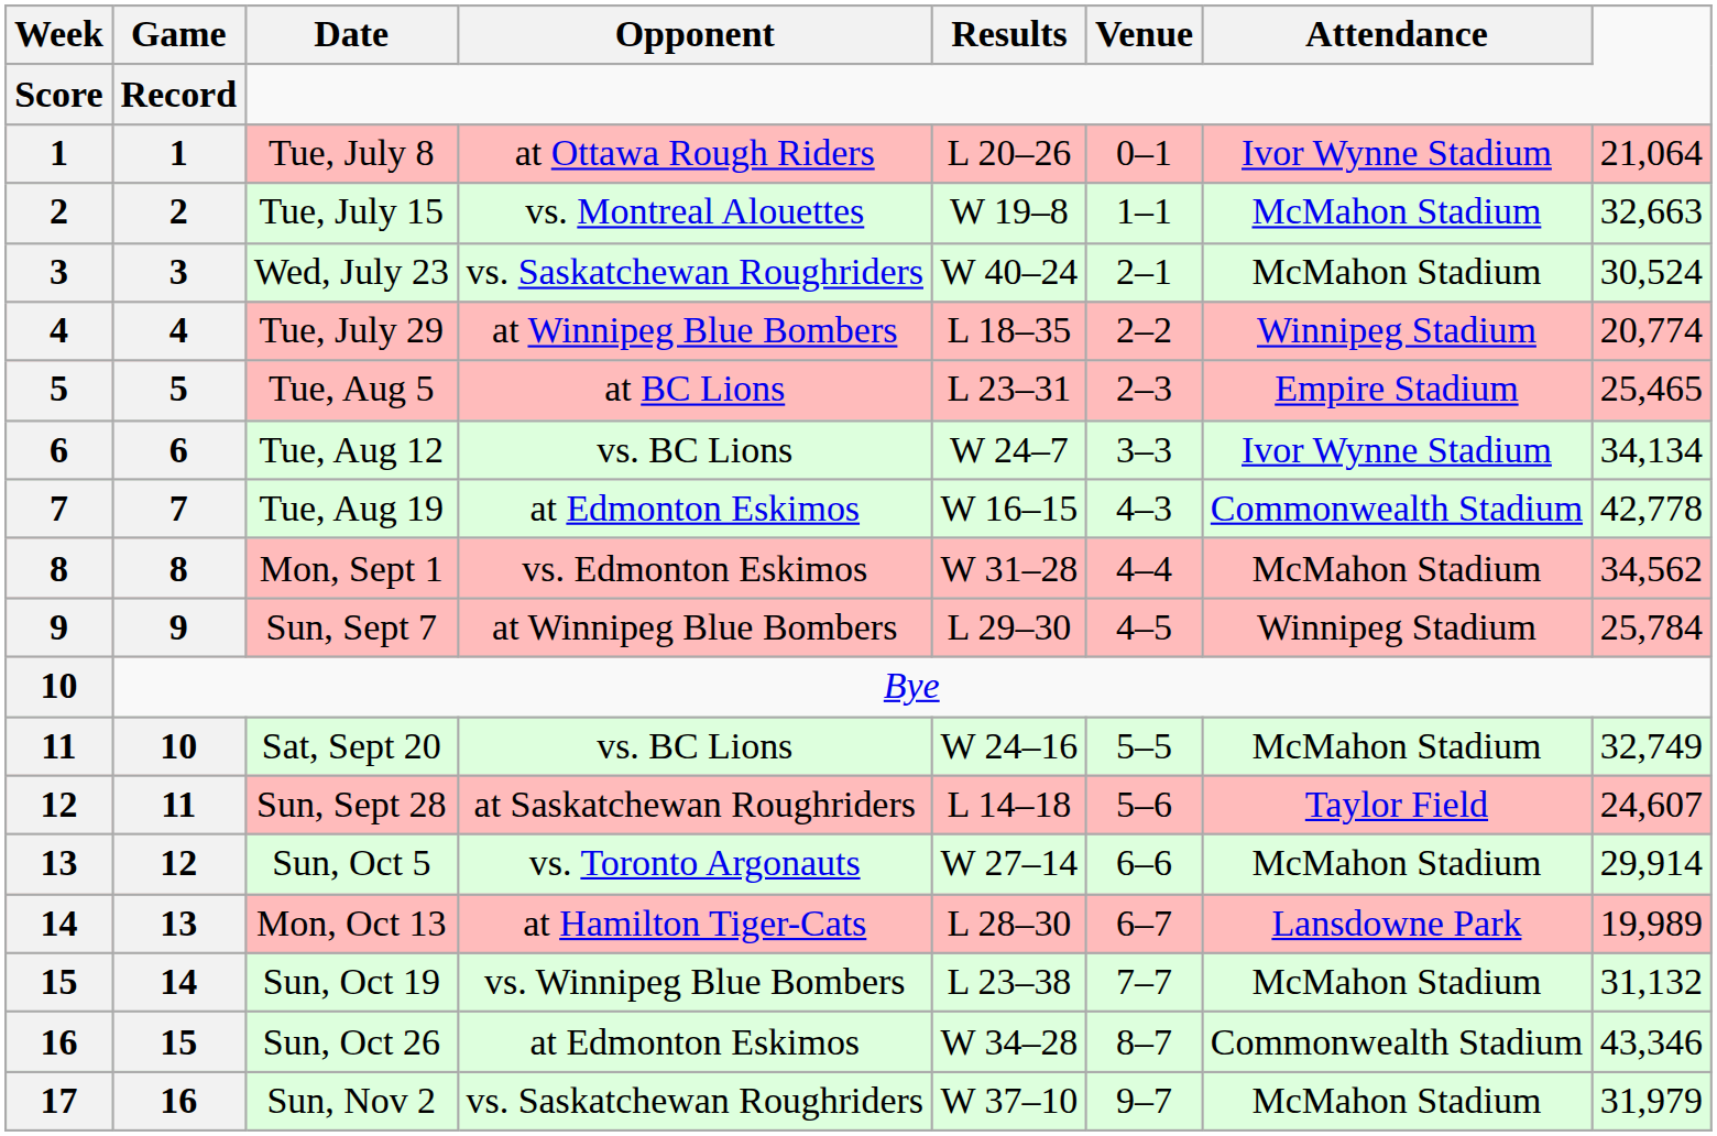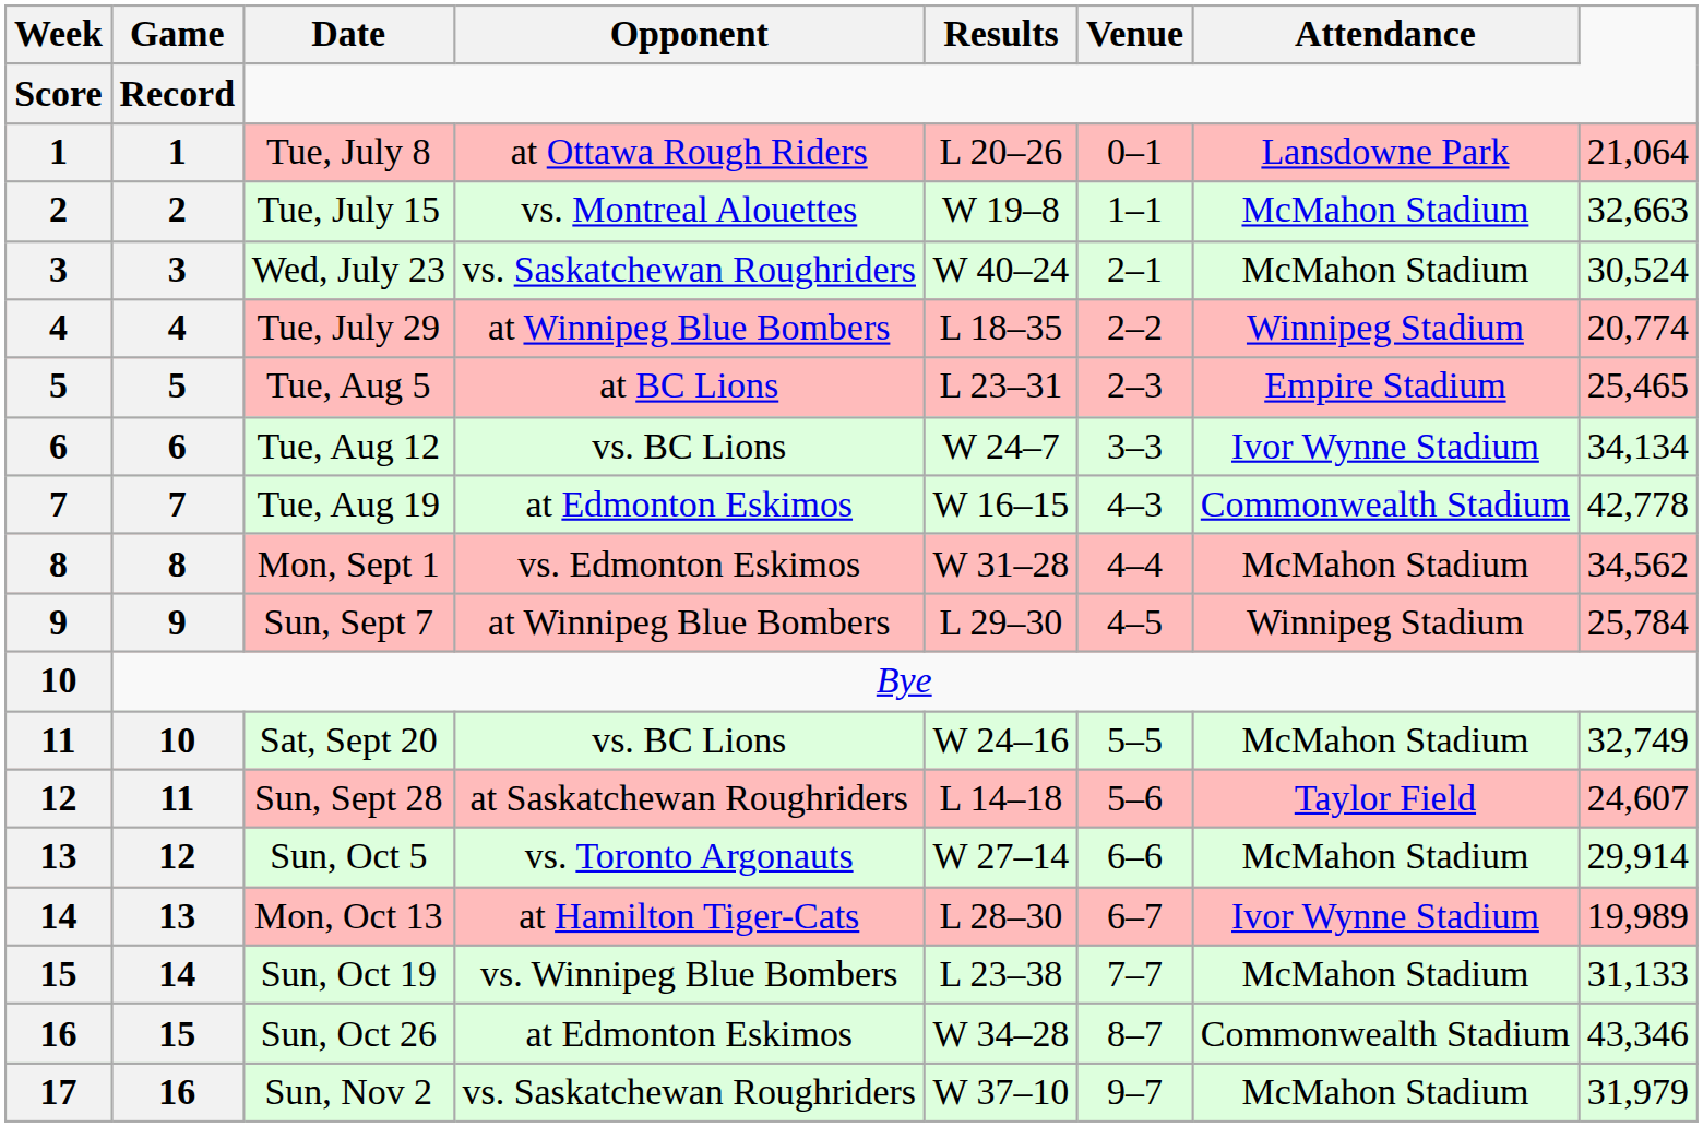 <table class="wikitable" style="text-align:center">
 <tr>
 <th>Week</th>
 <th>Game</th>
 <th>Date</th>
 <th>Opponent</th>
 <th>Results</th>
 <th>Venue</th>
 <th>Attendance</th>
 </tr>
 <tr>
 <th>Score</th>
 <th>Record</th>
 </tr>
 <tr style="background:#ffbbbb">
 <th>1</th>
 <th>1</th>
 <td>Tue, July 8</td>
 <td>at <a href='#'>Ottawa Rough Riders</a></td>
 <td>L 20–26</td>
 <td>0–1</td>
-<td><a href='#'>Ivor Wynne Stadium</a></td>
+<td><a href='#'>Lansdowne Park</a></td>
 <td>21,064</td>
 </tr>
 <tr style="background:#ddffdd">
 <th>2</th>
 <th>2</th>
 <td>Tue, July 15</td>
 <td>vs. <a href='#'>Montreal Alouettes</a></td>
 <td>W 19–8</td>
 <td>1–1</td>
 <td><a href='#'>McMahon Stadium</a></td>
 <td>32,663</td>
 </tr>
 <tr style="background:#ddffdd">
 <th>3</th>
 <th>3</th>
 <td>Wed, July 23</td>
 <td>vs. <a href='#'>Saskatchewan Roughriders</a></td>
 <td>W 40–24</td>
 <td>2–1</td>
 <td>McMahon Stadium</td>
 <td>30,524</td>
 </tr>
 <tr style="background:#ffbbbb">
 <th>4</th>
 <th>4</th>
 <td>Tue, July 29</td>
 <td>at <a href='#'>Winnipeg Blue Bombers</a></td>
 <td>L 18–35</td>
 <td>2–2</td>
 <td><a href='#'>Winnipeg Stadium</a></td>
 <td>20,774</td>
 </tr>
 <tr style="background:#ffbbbb">
 <th>5</th>
 <th>5</th>
 <td>Tue, Aug 5</td>
 <td>at <a href='#'>BC Lions</a></td>
 <td>L 23–31</td>
 <td>2–3</td>
 <td><a href='#'>Empire Stadium</a></td>
 <td>25,465</td>
 </tr>
 <tr style="background:#ddffdd">
 <th>6</th>
 <th>6</th>
 <td>Tue, Aug 12</td>
 <td>vs. BC Lions</td>
 <td>W 24–7</td>
 <td>3–3</td>
 <td><a href='#'>Ivor Wynne Stadium</a></td>
 <td>34,134</td>
 </tr>
 <tr style="background:#ddffdd">
 <th>7</th>
 <th>7</th>
 <td>Tue, Aug 19</td>
 <td>at <a href='#'>Edmonton Eskimos</a></td>
 <td>W 16–15</td>
 <td>4–3</td>
 <td><a href='#'>Commonwealth Stadium</a></td>
 <td>42,778</td>
 </tr>
 <tr style="background:#ffbbbb">
 <th>8</th>
 <th>8</th>
 <td>Mon, Sept 1</td>
 <td>vs. Edmonton Eskimos</td>
 <td>W 31–28</td>
 <td>4–4</td>
 <td>McMahon Stadium</td>
 <td>34,562</td>
 </tr>
 <tr style="background:#ffbbbb">
 <th>9</th>
 <th>9</th>
 <td>Sun, Sept 7</td>
 <td>at Winnipeg Blue Bombers</td>
 <td>L 29–30</td>
 <td>4–5</td>
 <td>Winnipeg Stadium</td>
 <td>25,784</td>
 </tr>
 <tr>
 <th>10</th>
 <td colspan=7><em><a href='#'>Bye</a></em></td>
 </tr>
 <tr style="background:#ddffdd">
 <th>11</th>
 <th>10</th>
 <td>Sat, Sept 20</td>
 <td>vs. BC Lions</td>
 <td>W 24–16</td>
 <td>5–5</td>
 <td>McMahon Stadium</td>
 <td>32,749</td>
 </tr>
 <tr style="background:#ffbbbb">
 <th>12</th>
 <th>11</th>
 <td>Sun, Sept 28</td>
 <td>at Saskatchewan Roughriders</td>
 <td>L 14–18</td>
 <td>5–6</td>
 <td><a href='#'>Taylor Field</a></td>
 <td>24,607</td>
 </tr>
 <tr style="background:#ddffdd">
 <th>13</th>
 <th>12</th>
 <td>Sun, Oct 5</td>
 <td>vs. <a href='#'>Toronto Argonauts</a></td>
 <td>W 27–14</td>
 <td>6–6</td>
 <td>McMahon Stadium</td>
 <td>29,914</td>
 </tr>
 <tr style="background:#ffbbbb">
 <th>14</th>
 <th>13</th>
 <td>Mon, Oct 13</td>
 <td>at <a href='#'>Hamilton Tiger-Cats</a></td>
 <td>L 28–30</td>
 <td>6–7</td>
-<td><a href='#'>Lansdowne Park</a></td>
+<td><a href='#'>Ivor Wynne Stadium</a></td>
 <td>19,989</td>
 </tr>
 <tr style="background:#ddffdd">
 <th>15</th>
 <th>14</th>
 <td>Sun, Oct 19</td>
 <td>vs. Winnipeg Blue Bombers</td>
 <td>L 23–38</td>
 <td>7–7</td>
 <td>McMahon Stadium</td>
-<td>31,132</td>
+<td>31,133</td>
 </tr>
 <tr style="background:#ddffdd">
 <th>16</th>
 <th>15</th>
 <td>Sun, Oct 26</td>
 <td>at Edmonton Eskimos</td>
 <td>W 34–28</td>
 <td>8–7</td>
 <td>Commonwealth Stadium</td>
 <td>43,346</td>
 </tr>
 <tr style="background:#ddffdd">
 <th>17</th>
 <th>16</th>
 <td>Sun, Nov 2</td>
 <td>vs. Saskatchewan Roughriders</td>
 <td>W 37–10</td>
 <td>9–7</td>
 <td>McMahon Stadium</td>
 <td>31,979</td>
 </tr>
 </table>
